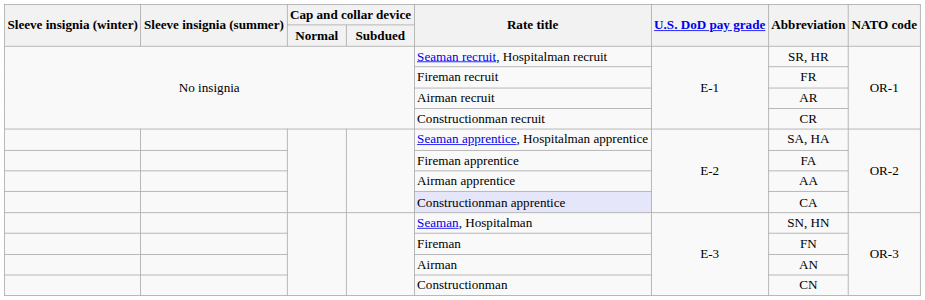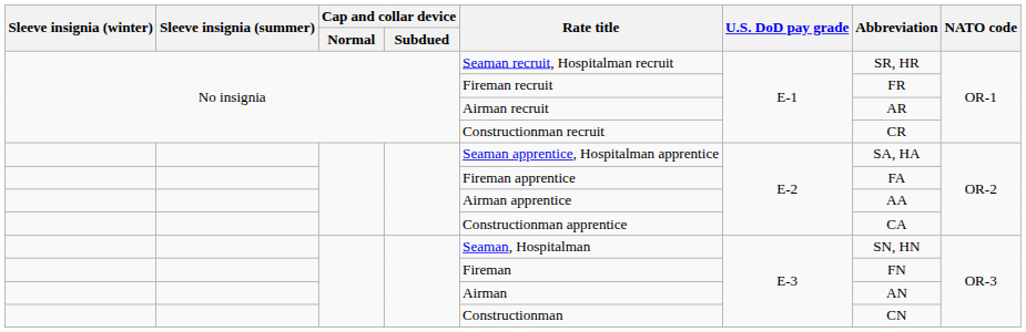 <table class="wikitable sortable">
 <tr>
 <th rowspan="2">Sleeve insignia (winter)</th>
 <th rowspan="2">Sleeve insignia (summer)</th>
 <th colspan="2">Cap and collar device</th>
 <th rowspan="2">Rate title</th>
 <th rowspan="2"><a href='#'>U.S. DoD pay grade</a></th>
 <th rowspan="2">Abbreviation</th>
 <th rowspan="2">NATO code</th>
 </tr>
 <tr>
 <th>Normal</th>
 <th>Subdued</th>
 </tr>
 <tr>
 <td colspan="4" rowspan="4" style="text-align:center;">No insignia</td>
 <td><a href='#'>Seaman recruit</a>, Hospitalman recruit</td>
 <td rowspan="4" style="text-align:center;">E-1</td>
 <td style="text-align:center;">SR, HR</td>
 <td style="text-align:center;" rowspan=4>OR-1</td>
 </tr>
 <tr>
 <td>Fireman recruit</td>
 <td style="text-align:center;">FR</td>
 </tr>
 <tr>
 <td>Airman recruit</td>
 <td style="text-align:center;">AR</td>
 </tr>
 <tr>
 <td>Constructionman recruit</td>
 <td style="text-align:center;">CR</td>
 </tr>
 <tr>
 <td style="text-align:center;"></td>
 <td style="text-align:center;"></td>
 <td rowspan="4" style="text-align:center;"></td>
 <td style="text-align:center;" rowspan=4></td>
 <td><a href='#'>Seaman apprentice</a>, Hospitalman apprentice</td>
 <td rowspan="4" style="text-align:center;">E-2</td>
 <td style="text-align:center;">SA, HA</td>
 <td style="text-align:center;" rowspan=4>OR-2</td>
 </tr>
 <tr>
 <td style="text-align:center;"></td>
 <td style="text-align:center;"></td>
 <td>Fireman apprentice</td>
 <td style="text-align:center;">FA</td>
 </tr>
 <tr>
 <td style="text-align:center;"></td>
 <td style="text-align:center;"></td>
 <td>Airman apprentice</td>
 <td style="text-align:center;">AA</td>
 </tr>
 <tr>
 <td style="text-align:center;"></td>
 <td style="text-align:center;"></td>
-<td style="background: lavender;">Constructionman apprentice</td>
+<td>Constructionman apprentice</td>
 <td style="text-align:center;">CA</td>
 </tr>
 <tr>
 <td style="text-align:center;"></td>
 <td style="text-align:center;"></td>
 <td rowspan="4" style="text-align:center;" !></td>
 <td style="text-align:center;" rowspan="4"!></td>
 <td><a href='#'>Seaman</a>, Hospitalman</td>
 <td rowspan="4" style="text-align:center;">E-3</td>
 <td style="text-align:center;">SN, HN</td>
 <td style="text-align:center;" rowspan=4>OR-3</td>
 </tr>
 <tr>
 <td style="text-align:center;"></td>
 <td style="text-align:center;"></td>
 <td>Fireman</td>
 <td style="text-align:center;">FN</td>
 </tr>
 <tr>
 <td style="text-align:center;"></td>
 <td style="text-align:center;"></td>
 <td>Airman</td>
 <td style="text-align:center;">AN</td>
 </tr>
 <tr>
 <td style="text-align:center;"></td>
 <td style="text-align:center;"></td>
 <td>Constructionman</td>
 <td style="text-align:center;">CN</td>
 </tr>
 </table>
